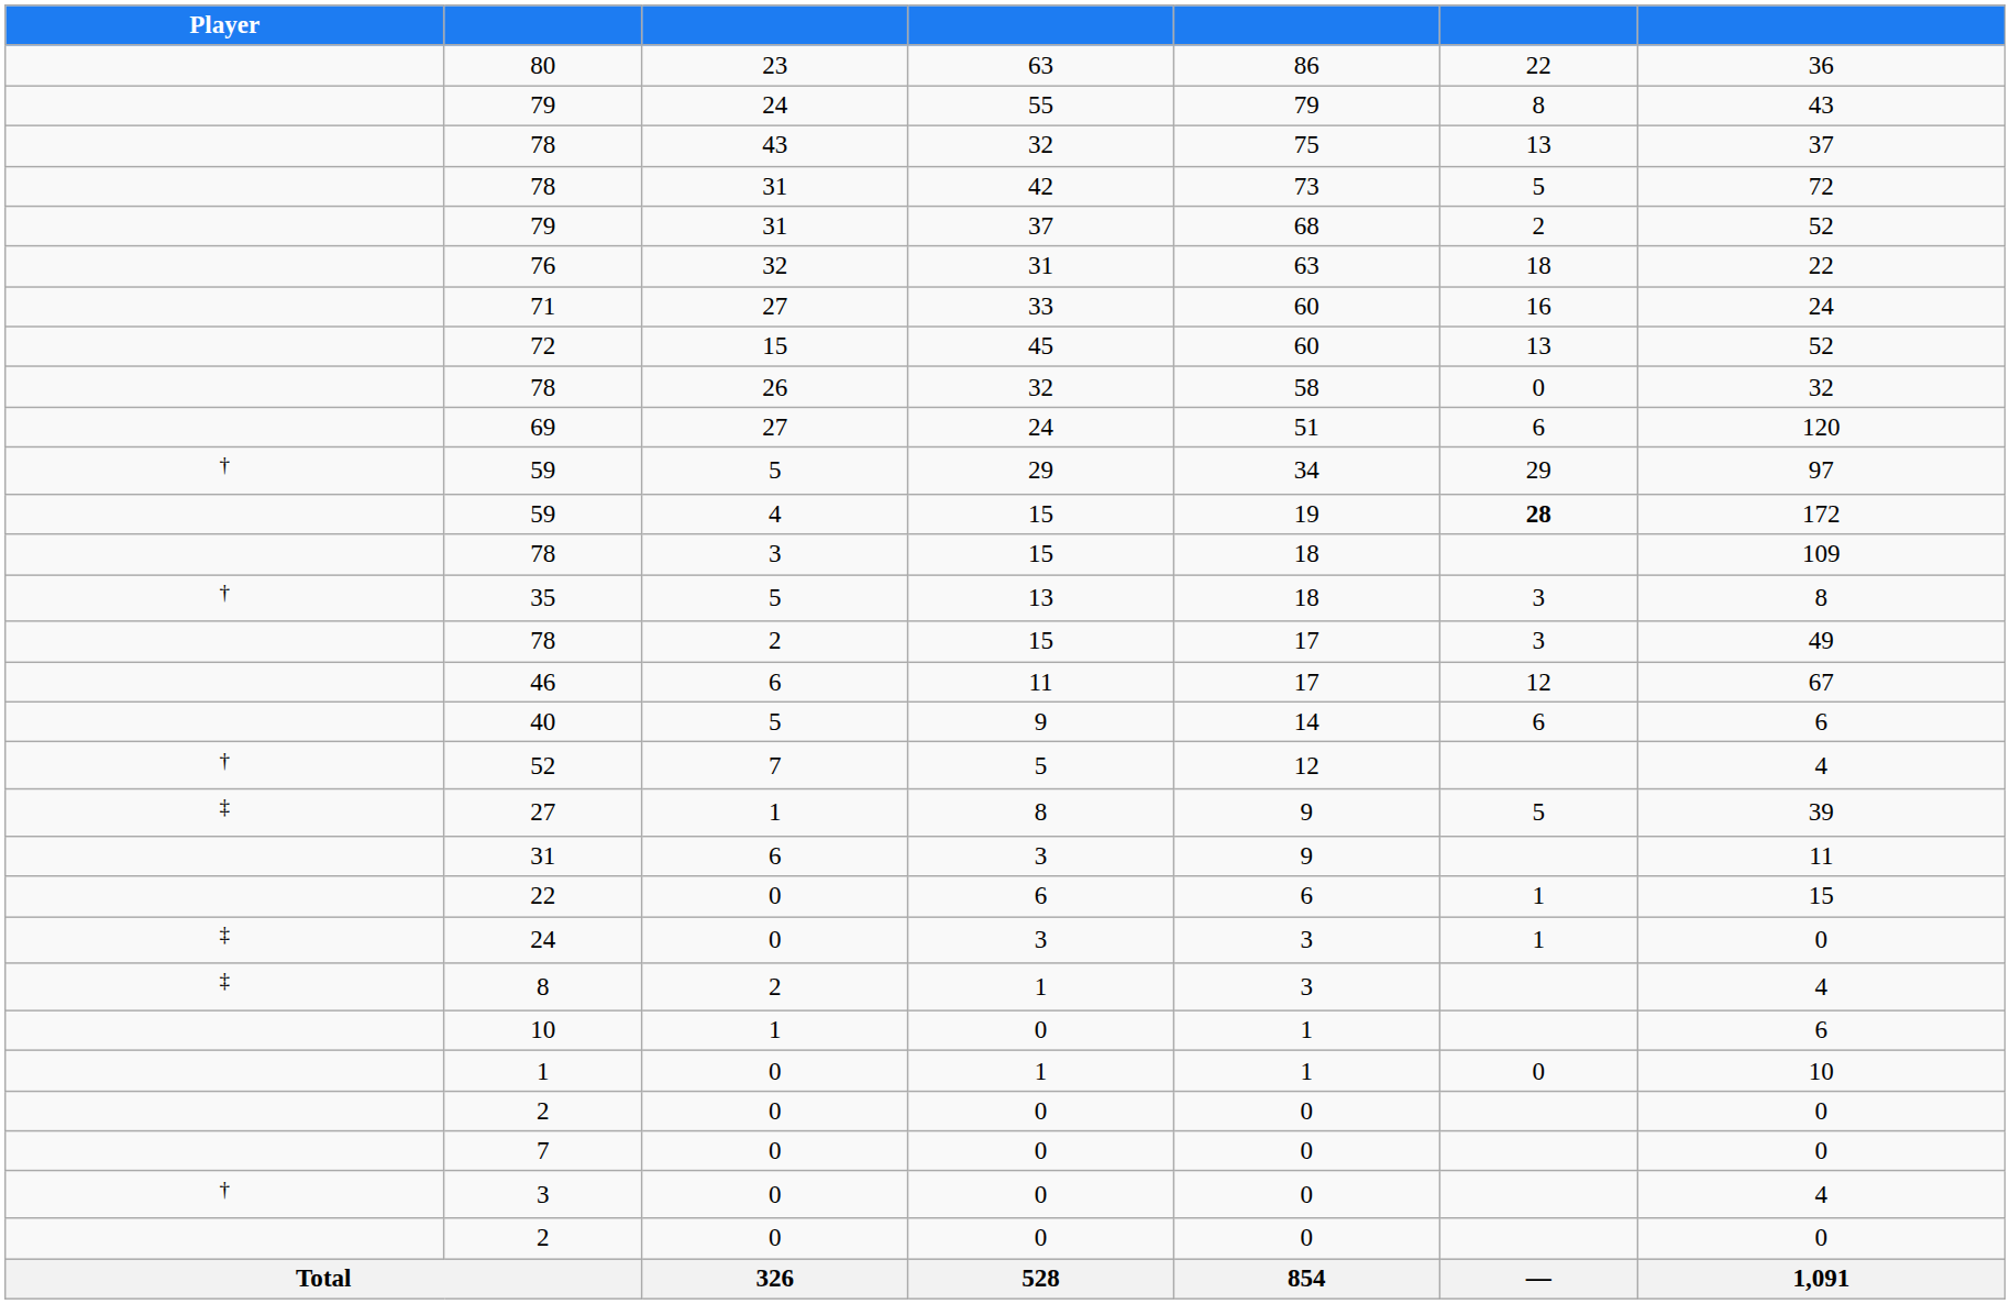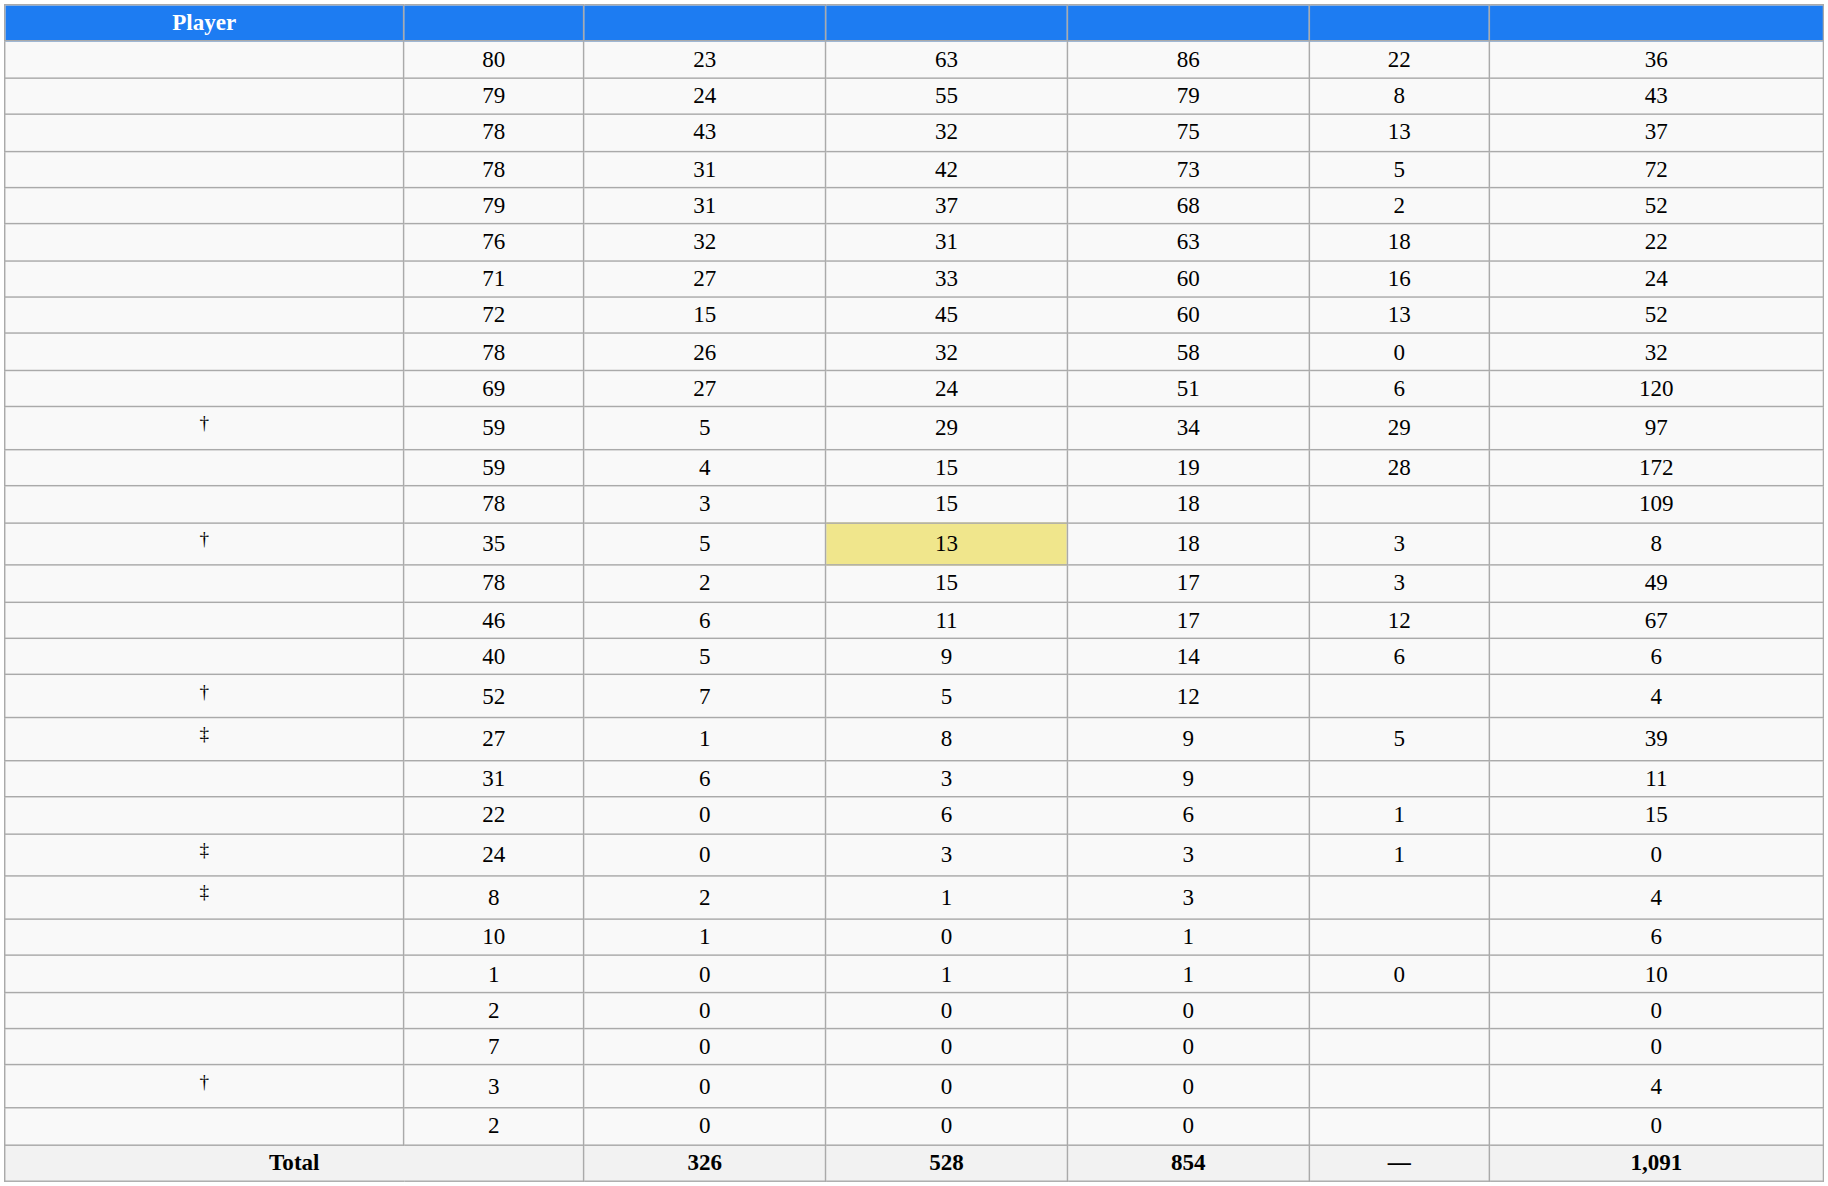 <table class="wikitable sortable" style="width:100%; text-align:center;">
 <tr align=center>
 <th style="color:white; background:#1D7CF2; ">Player</th>
 <th style="color:white; background:#1D7CF2; "></th>
 <th style="color:white; background:#1D7CF2; "></th>
 <th style="color:white; background:#1D7CF2; "></th>
 <th style="color:white; background:#1D7CF2; "></th>
 <th style="color:white; background:#1D7CF2; "></th>
 <th style="color:white; background:#1D7CF2; "></th>
 </tr>
 <tr>
 <td></td>
 <td>80</td>
 <td>23</td>
 <td>63</td>
 <td>86</td>
 <td>22</td>
 <td>36</td>
 </tr>
 <tr>
 <td></td>
 <td>79</td>
 <td>24</td>
 <td>55</td>
 <td>79</td>
 <td>8</td>
 <td>43</td>
 </tr>
 <tr>
 <td></td>
 <td>78</td>
 <td>43</td>
 <td>32</td>
 <td>75</td>
 <td>13</td>
 <td>37</td>
 </tr>
 <tr>
 <td></td>
 <td>78</td>
 <td>31</td>
 <td>42</td>
 <td>73</td>
 <td>5</td>
 <td>72</td>
 </tr>
 <tr>
 <td></td>
 <td>79</td>
 <td>31</td>
 <td>37</td>
 <td>68</td>
 <td>2</td>
 <td>52</td>
 </tr>
 <tr>
 <td></td>
 <td>76</td>
 <td>32</td>
 <td>31</td>
 <td>63</td>
 <td>18</td>
 <td>22</td>
 </tr>
 <tr>
 <td></td>
 <td>71</td>
 <td>27</td>
 <td>33</td>
 <td>60</td>
 <td>16</td>
 <td>24</td>
 </tr>
 <tr>
 <td></td>
 <td>72</td>
 <td>15</td>
 <td>45</td>
 <td>60</td>
 <td>13</td>
 <td>52</td>
 </tr>
 <tr>
 <td></td>
 <td>78</td>
 <td>26</td>
 <td>32</td>
 <td>58</td>
 <td>0</td>
 <td>32</td>
 </tr>
 <tr>
 <td></td>
 <td>69</td>
 <td>27</td>
 <td>24</td>
 <td>51</td>
 <td>6</td>
 <td>120</td>
 </tr>
 <tr>
 <td><sup>†</sup></td>
 <td>59</td>
 <td>5</td>
 <td>29</td>
 <td>34</td>
 <td>29</td>
 <td>97</td>
 </tr>
 <tr>
 <td></td>
 <td>59</td>
 <td>4</td>
 <td>15</td>
 <td>19</td>
-<td><strong>28</strong></td>
+<td>28</td>
 <td>172</td>
 </tr>
 <tr>
 <td></td>
 <td>78</td>
 <td>3</td>
 <td>15</td>
 <td>18</td>
 <td></td>
 <td>109</td>
 </tr>
 <tr>
 <td><sup>†</sup></td>
 <td>35</td>
 <td>5</td>
-<td>13</td>
+<td style="background: khaki;">13</td>
 <td>18</td>
 <td>3</td>
 <td>8</td>
 </tr>
 <tr>
 <td></td>
 <td>78</td>
 <td>2</td>
 <td>15</td>
 <td>17</td>
 <td>3</td>
 <td>49</td>
 </tr>
 <tr>
 <td></td>
 <td>46</td>
 <td>6</td>
 <td>11</td>
 <td>17</td>
 <td>12</td>
 <td>67</td>
 </tr>
 <tr>
 <td></td>
 <td>40</td>
 <td>5</td>
 <td>9</td>
 <td>14</td>
 <td>6</td>
 <td>6</td>
 </tr>
 <tr>
 <td><sup>†</sup></td>
 <td>52</td>
 <td>7</td>
 <td>5</td>
 <td>12</td>
 <td></td>
 <td>4</td>
 </tr>
 <tr>
 <td><sup>‡</sup></td>
 <td>27</td>
 <td>1</td>
 <td>8</td>
 <td>9</td>
 <td>5</td>
 <td>39</td>
 </tr>
 <tr>
 <td></td>
 <td>31</td>
 <td>6</td>
 <td>3</td>
 <td>9</td>
 <td></td>
 <td>11</td>
 </tr>
 <tr>
 <td></td>
 <td>22</td>
 <td>0</td>
 <td>6</td>
 <td>6</td>
 <td>1</td>
 <td>15</td>
 </tr>
 <tr>
 <td><sup>‡</sup></td>
 <td>24</td>
 <td>0</td>
 <td>3</td>
 <td>3</td>
 <td>1</td>
 <td>0</td>
 </tr>
 <tr>
 <td><sup>‡</sup></td>
 <td>8</td>
 <td>2</td>
 <td>1</td>
 <td>3</td>
 <td></td>
 <td>4</td>
 </tr>
 <tr>
 <td></td>
 <td>10</td>
 <td>1</td>
 <td>0</td>
 <td>1</td>
 <td></td>
 <td>6</td>
 </tr>
 <tr>
 <td></td>
 <td>1</td>
 <td>0</td>
 <td>1</td>
 <td>1</td>
 <td>0</td>
 <td>10</td>
 </tr>
 <tr>
 <td></td>
 <td>2</td>
 <td>0</td>
 <td>0</td>
 <td>0</td>
 <td></td>
 <td>0</td>
 </tr>
 <tr>
 <td></td>
 <td>7</td>
 <td>0</td>
 <td>0</td>
 <td>0</td>
 <td></td>
 <td>0</td>
 </tr>
 <tr>
 <td><sup>†</sup></td>
 <td>3</td>
 <td>0</td>
 <td>0</td>
 <td>0</td>
 <td></td>
 <td>4</td>
 </tr>
 <tr>
 <td></td>
 <td>2</td>
 <td>0</td>
 <td>0</td>
 <td>0</td>
 <td></td>
 <td>0</td>
 </tr>
 <tr class="sortbottom">
 <th colspan=2>Total</th>
 <th>326</th>
 <th>528</th>
 <th>854</th>
 <th>—</th>
 <th>1,091</th>
 </tr>
 </table>
